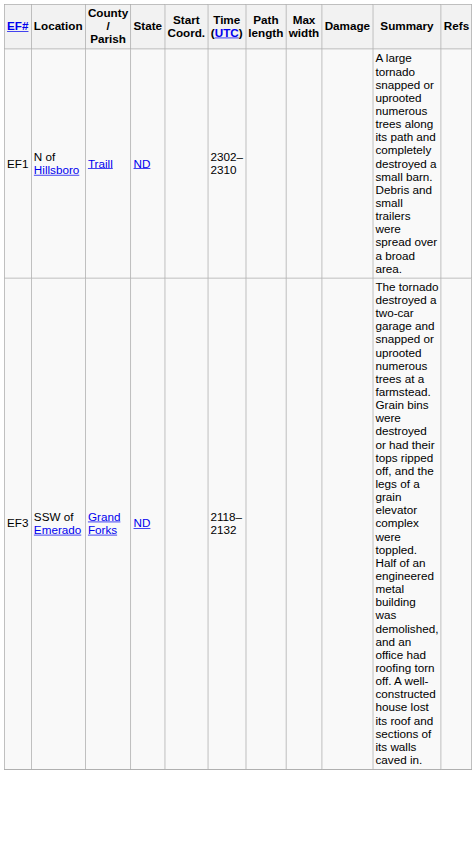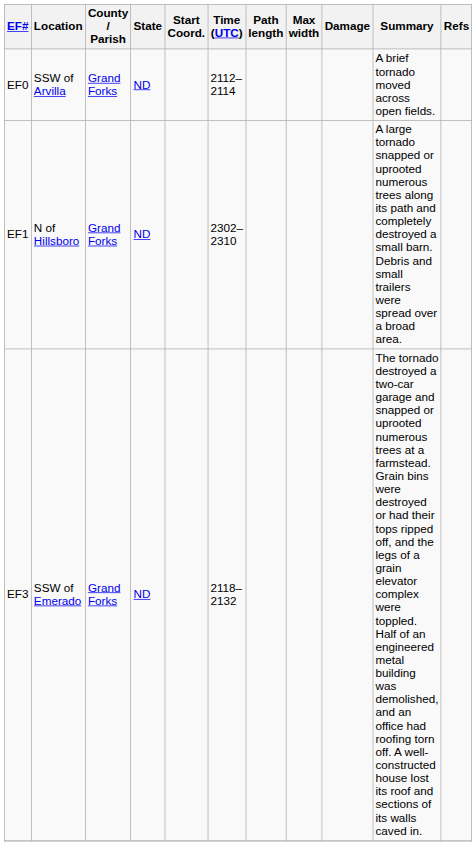 <table class="wikitable sortable" style="width:100%;">
 <tr>
 <th scope="col" width="3%" align="center"><a href='#'>EF#</a></th>
 <th scope="col" width="7%" align="center" class="unsortable">Location</th>
 <th scope="col" width="6%" align="center" class="unsortable">County / Parish</th>
 <th scope="col" width="5%" align="center">State</th>
 <th scope="col" width="6%" align="center">Start Coord.</th>
 <th scope="col" width="6%" align="center">Time (<a href='#'>UTC</a>)</th>
 <th scope="col" width="6%" align="center">Path length</th>
 <th scope="col" width="6%" align="center">Max width</th>
 <th scope="col" width="6%" align="center">Damage</th>
 <th scope="col" width="48%" class="unsortable" align="center">Summary</th>
 <th scope="col" width="48%" class="unsortable" align="center">Refs</th>
 </tr>
 <tr>
+<td>EF0</td>
+<td>SSW of <a href='#'>Arvilla</a></td>
+<td><a href='#'>Grand Forks</a></td>
+<td><a href='#'>ND</a></td>
+<td></td>
+<td>2112–2114</td>
+<td></td>
+<td></td>
+<td></td>
+<td>A brief tornado moved across open fields.</td>
+<td></td>
+</tr>
+<tr>
 <td>EF1</td>
 <td>N of <a href='#'>Hillsboro</a></td>
-<td><a href='#'>Traill</a></td>
+<td><a href='#'>Grand Forks</a></td>
 <td><a href='#'>ND</a></td>
 <td></td>
 <td>2302–2310</td>
 <td></td>
 <td></td>
 <td></td>
 <td>A large tornado snapped or uprooted numerous trees along its path and completely destroyed a small barn. Debris and small trailers were spread over a broad area.</td>
 <td></td>
 </tr>
 <tr>
 <td>EF3</td>
 <td>SSW of <a href='#'>Emerado</a></td>
 <td><a href='#'>Grand Forks</a></td>
 <td><a href='#'>ND</a></td>
 <td></td>
 <td>2118–2132</td>
 <td></td>
 <td></td>
 <td></td>
 <td>The tornado destroyed a two-car garage and snapped or uprooted numerous trees at a farmstead. Grain bins were destroyed or had their tops ripped off, and the legs of a grain elevator complex were toppled. Half of an engineered metal building was demolished, and an office had roofing torn off. A well-constructed house lost its roof and sections of its walls caved in.</td>
 <td></td>
 </tr>
 <tr>
 </tr>
 </table>
